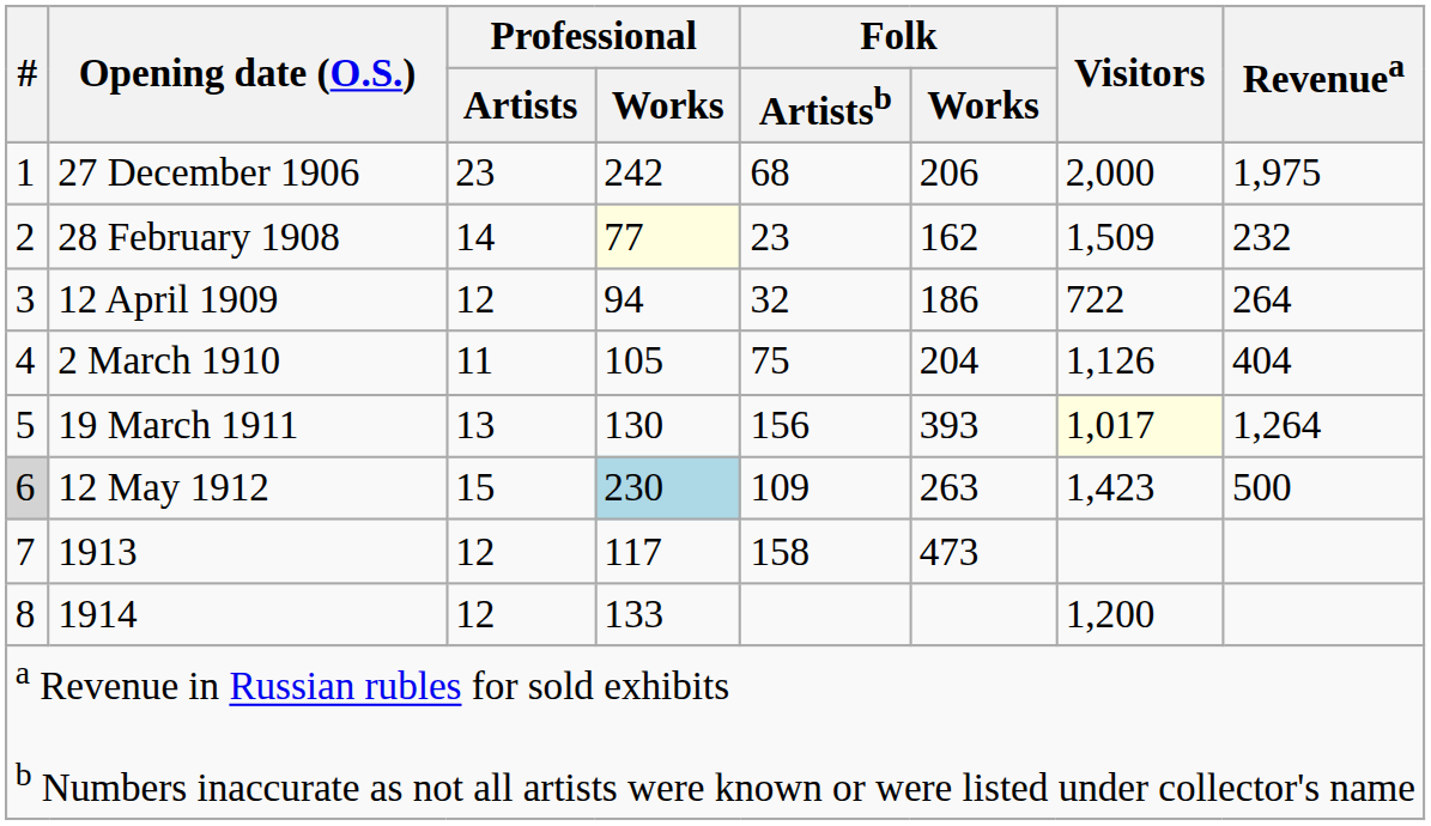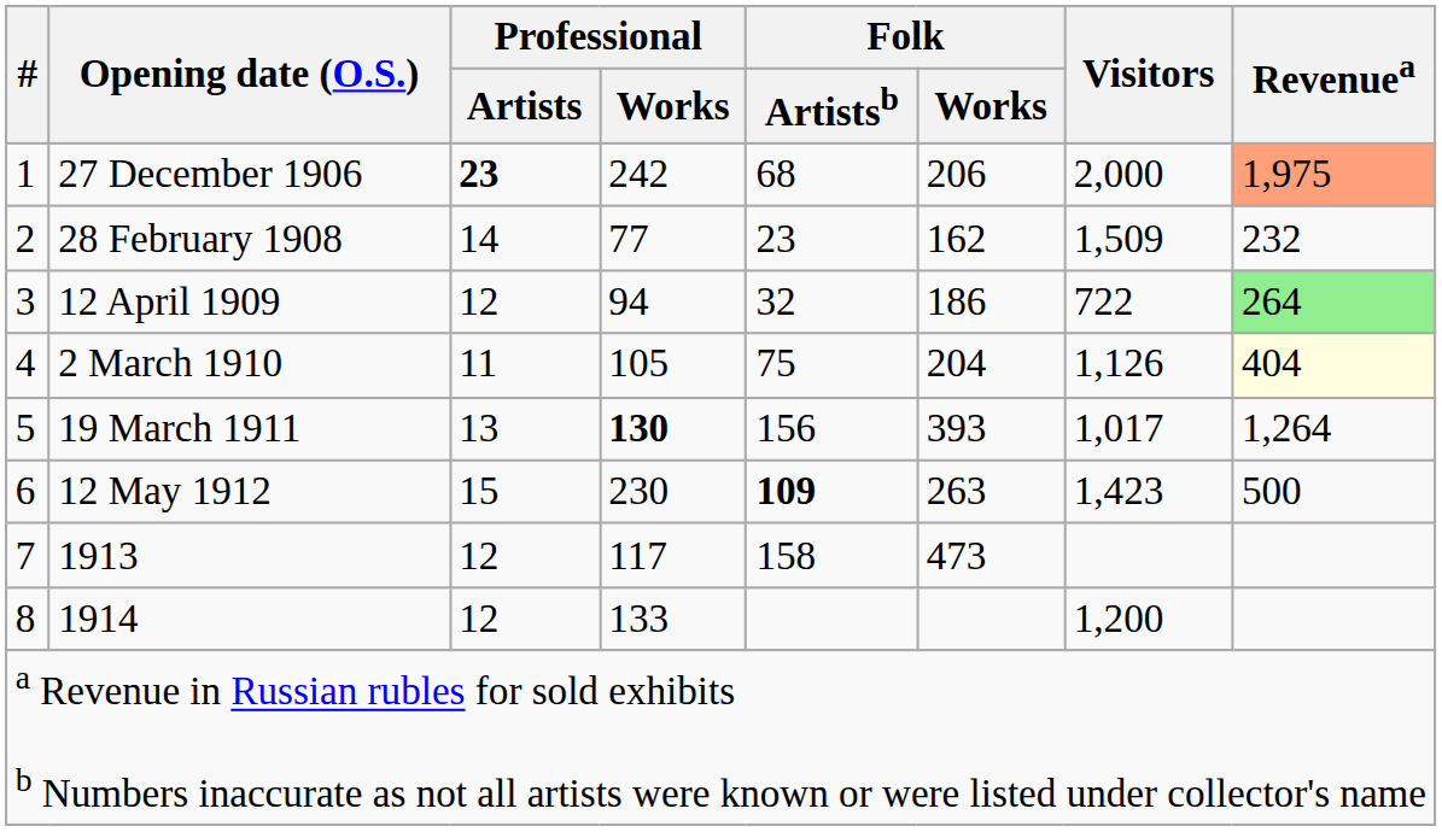 <table class="wikitable sortable floatright">
 <tr>
 <th rowspan=2>#</th>
 <th rowspan=2>Opening date (<a href='#'>O.S.</a>)</th>
 <th colspan=2>Professional</th>
 <th colspan=2>Folk</th>
 <th rowspan=2>Visitors</th>
 <th rowspan=2>Revenue<sup>a</sup></th>
 </tr>
 <tr>
 <th>Artists</th>
 <th>Works</th>
 <th>Artists<sup>b</sup></th>
 <th>Works</th>
 </tr>
 <tr>
 <td>1</td>
 <td>27 December 1906</td>
-<td>23</td>
+<td><strong>23</strong></td>
 <td>242</td>
 <td>68</td>
 <td>206</td>
 <td>2,000</td>
-<td>1,975</td>
+<td style="background: lightsalmon;">1,975</td>
 </tr>
 <tr>
 <td>2</td>
 <td>28 February 1908</td>
 <td>14</td>
-<td style="background: lightyellow;">77</td>
+<td>77</td>
 <td>23</td>
 <td>162</td>
 <td>1,509</td>
 <td>232</td>
 </tr>
 <tr>
 <td>3</td>
 <td>12 April 1909</td>
 <td>12</td>
 <td>94</td>
 <td>32</td>
 <td>186</td>
 <td>722</td>
-<td>264</td>
+<td style="background: lightgreen;">264</td>
 </tr>
 <tr>
 <td>4</td>
 <td>2 March 1910</td>
 <td>11</td>
 <td>105</td>
 <td>75</td>
 <td>204</td>
 <td>1,126</td>
-<td>404</td>
+<td style="background: lightyellow;">404</td>
 </tr>
 <tr>
 <td>5</td>
 <td>19 March 1911</td>
 <td>13</td>
-<td>130</td>
+<td><strong>130</strong></td>
 <td>156</td>
 <td>393</td>
-<td style="background: lightyellow;">1,017</td>
+<td>1,017</td>
 <td>1,264</td>
 </tr>
 <tr>
-<td style="background: lightgrey;">6</td>
+<td>6</td>
 <td>12 May 1912</td>
 <td>15</td>
-<td style="background: lightblue;">230</td>
-<td>109</td>
+<td>230</td>
+<td><strong>109</strong></td>
 <td>263</td>
 <td>1,423</td>
 <td>500</td>
 </tr>
 <tr>
 <td>7</td>
 <td>1913</td>
 <td>12</td>
 <td>117</td>
 <td>158</td>
 <td>473</td>
 <td></td>
 <td></td>
 </tr>
 <tr>
 <td>8</td>
 <td>1914</td>
 <td>12</td>
 <td>133</td>
 <td></td>
 <td></td>
 <td>1,200</td>
 <td></td>
 </tr>
 <tr>
 <td colspan=8><sup>a</sup> Revenue in <a href='#'>Russian rubles</a> for sold exhibits <br><br><sup>b</sup> Numbers inaccurate as not all artists were known or were listed under collector's name</td>
 </tr>
 </table>
